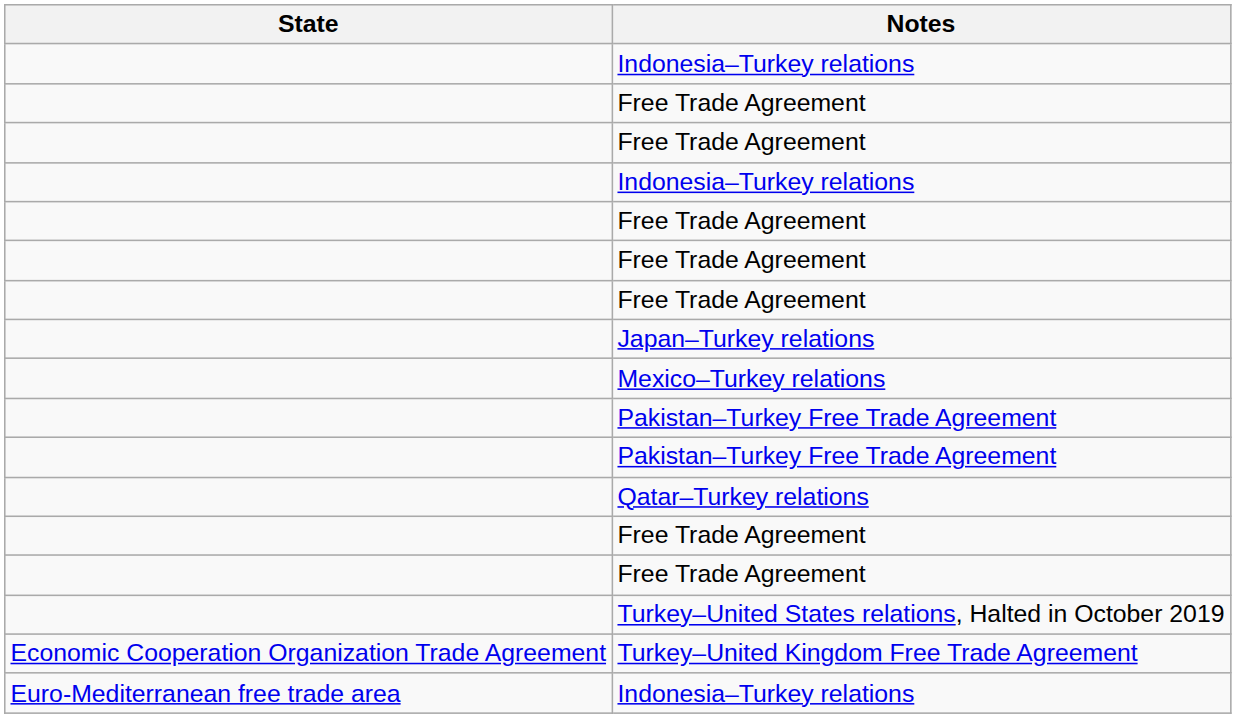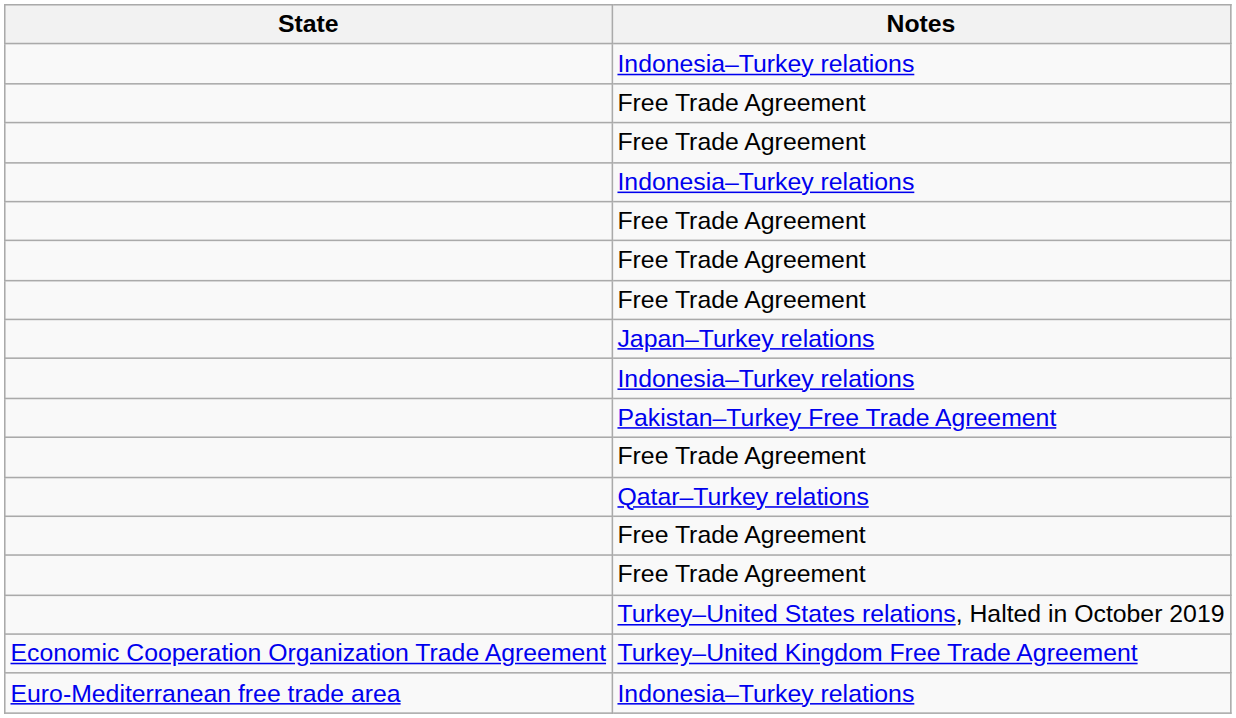 <table class="wikitable sortable">
 <tr>
 <th>State</th>
 <th>Notes</th>
 </tr>
 <tr>
 <td></td>
 <td><a href='#'>Indonesia–Turkey relations</a></td>
 </tr>
 <tr>
 <td></td>
 <td>Free Trade Agreement</td>
 </tr>
 <tr>
 <td></td>
 <td>Free Trade Agreement</td>
 </tr>
 <tr>
 <td></td>
 <td><a href='#'>Indonesia–Turkey relations</a></td>
 </tr>
 <tr>
 <td></td>
 <td>Free Trade Agreement</td>
 </tr>
 <tr>
 <td></td>
 <td>Free Trade Agreement</td>
 </tr>
 <tr>
 <td></td>
 <td>Free Trade Agreement</td>
 </tr>
 <tr>
 <td></td>
 <td><a href='#'>Japan–Turkey relations</a></td>
 </tr>
 <tr>
 <td></td>
-<td><a href='#'>Mexico–Turkey relations</a></td>
+<td><a href='#'>Indonesia–Turkey relations</a></td>
 </tr>
 <tr>
 <td></td>
 <td><a href='#'>Pakistan–Turkey Free Trade Agreement</a></td>
 </tr>
 <tr>
 <td></td>
-<td><a href='#'>Pakistan–Turkey Free Trade Agreement</a></td>
+<td>Free Trade Agreement</td>
 </tr>
 <tr>
 <td></td>
 <td><a href='#'>Qatar–Turkey relations</a></td>
 </tr>
 <tr>
 <td></td>
 <td>Free Trade Agreement</td>
 </tr>
 <tr>
 <td></td>
 <td>Free Trade Agreement</td>
 </tr>
 <tr>
 <td></td>
 <td><a href='#'>Turkey–United States relations</a>, Halted in October 2019</td>
 </tr>
 <tr>
 <td><a href='#'>Economic Cooperation Organization Trade Agreement</a></td>
 <td><a href='#'>Turkey–United Kingdom Free Trade Agreement</a></td>
 </tr>
 <tr>
 <td><a href='#'>Euro-Mediterranean free trade area</a></td>
 <td><a href='#'>Indonesia–Turkey relations</a></td>
 </tr>
 </table>
